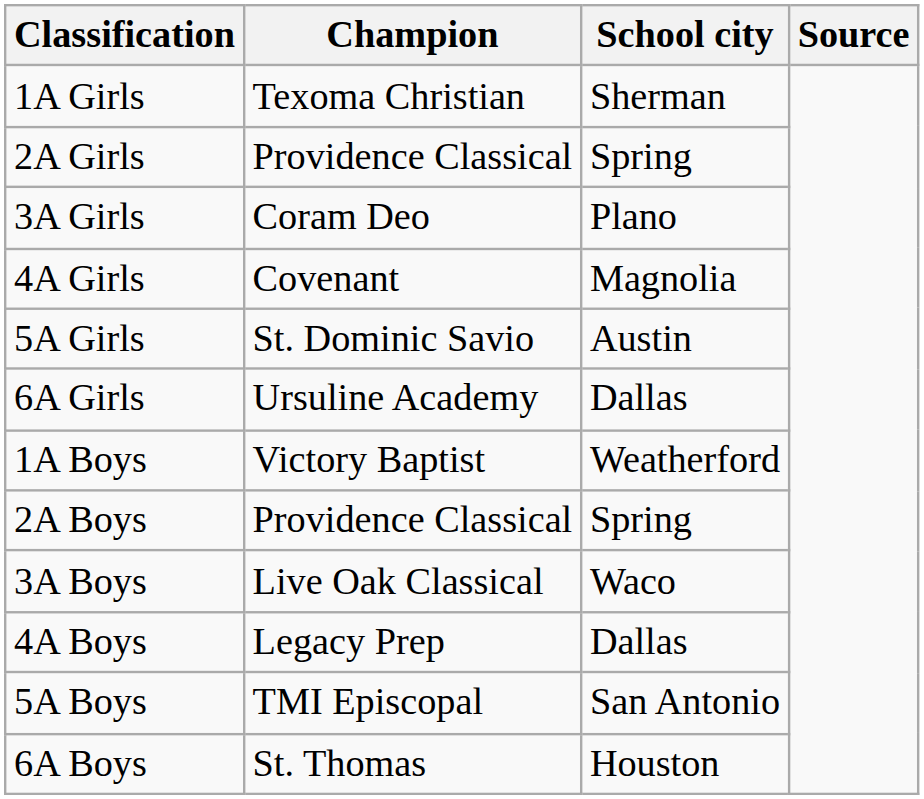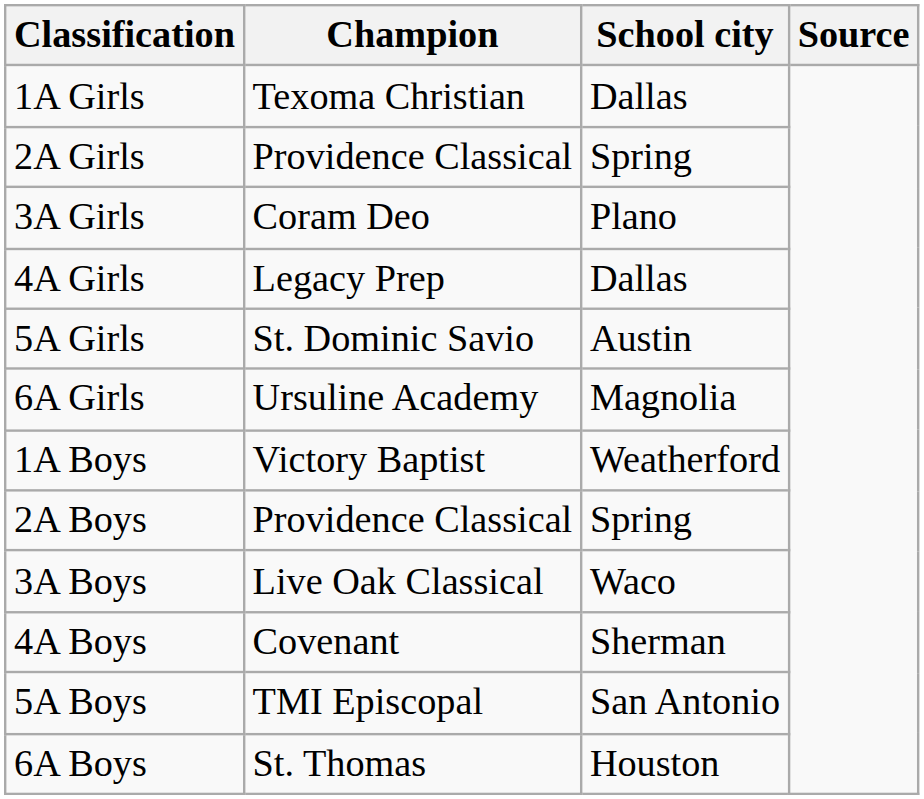 <table class="wikitable">
 <tr>
 <th>Classification</th>
 <th>Champion</th>
 <th>School city</th>
 <th>Source</th>
 </tr>
 <tr>
 <td>1A Girls</td>
 <td>Texoma Christian</td>
-<td>Sherman</td>
+<td>Dallas</td>
 <td rowspan="12"></td>
 </tr>
 <tr>
 <td>2A Girls</td>
 <td>Providence Classical</td>
 <td>Spring</td>
 </tr>
 <tr>
 <td>3A Girls</td>
 <td>Coram Deo</td>
 <td>Plano</td>
 </tr>
 <tr>
 <td>4A Girls</td>
-<td>Covenant</td>
-<td>Magnolia</td>
+<td>Legacy Prep</td>
+<td>Dallas</td>
 </tr>
 <tr>
 <td>5A Girls</td>
 <td>St. Dominic Savio</td>
 <td>Austin</td>
 </tr>
 <tr>
 <td>6A Girls</td>
 <td>Ursuline Academy</td>
-<td>Dallas</td>
+<td>Magnolia</td>
 </tr>
 <tr>
 <td>1A Boys</td>
 <td>Victory Baptist</td>
 <td>Weatherford</td>
 </tr>
 <tr>
 <td>2A Boys</td>
 <td>Providence Classical</td>
 <td>Spring</td>
 </tr>
 <tr>
 <td>3A Boys</td>
 <td>Live Oak Classical</td>
 <td>Waco</td>
 </tr>
 <tr>
 <td>4A Boys</td>
-<td>Legacy Prep</td>
-<td>Dallas</td>
+<td>Covenant</td>
+<td>Sherman</td>
 </tr>
 <tr>
 <td>5A Boys</td>
 <td>TMI Episcopal</td>
 <td>San Antonio</td>
 </tr>
 <tr>
 <td>6A Boys</td>
 <td>St. Thomas</td>
 <td>Houston</td>
 </tr>
 </table>
